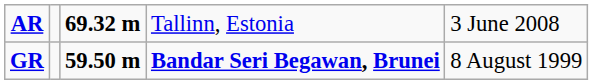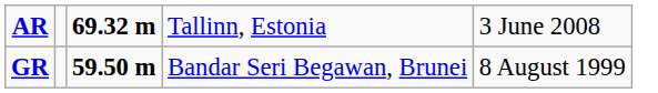 <table class="wikitable" style="font-size:95%; position:relative;">
 <tr>
 <td align=center><strong><a href='#'>AR</a></strong></td>
 <td></td>
 <td><strong>69.32 m</strong></td>
 <td><a href='#'>Tallinn</a>, <a href='#'>Estonia</a></td>
 <td>3 June 2008</td>
 </tr>
 <tr>
 <td align=center><strong><a href='#'>GR</a></strong></td>
 <td></td>
 <td><strong>59.50 m</strong></td>
-<td><strong><a href='#'>Bandar Seri Begawan</a>, <a href='#'>Brunei</a></strong></td>
+<td><a href='#'>Bandar Seri Begawan</a>, <a href='#'>Brunei</a></td>
 <td>8 August 1999</td>
 </tr>
 </table>
